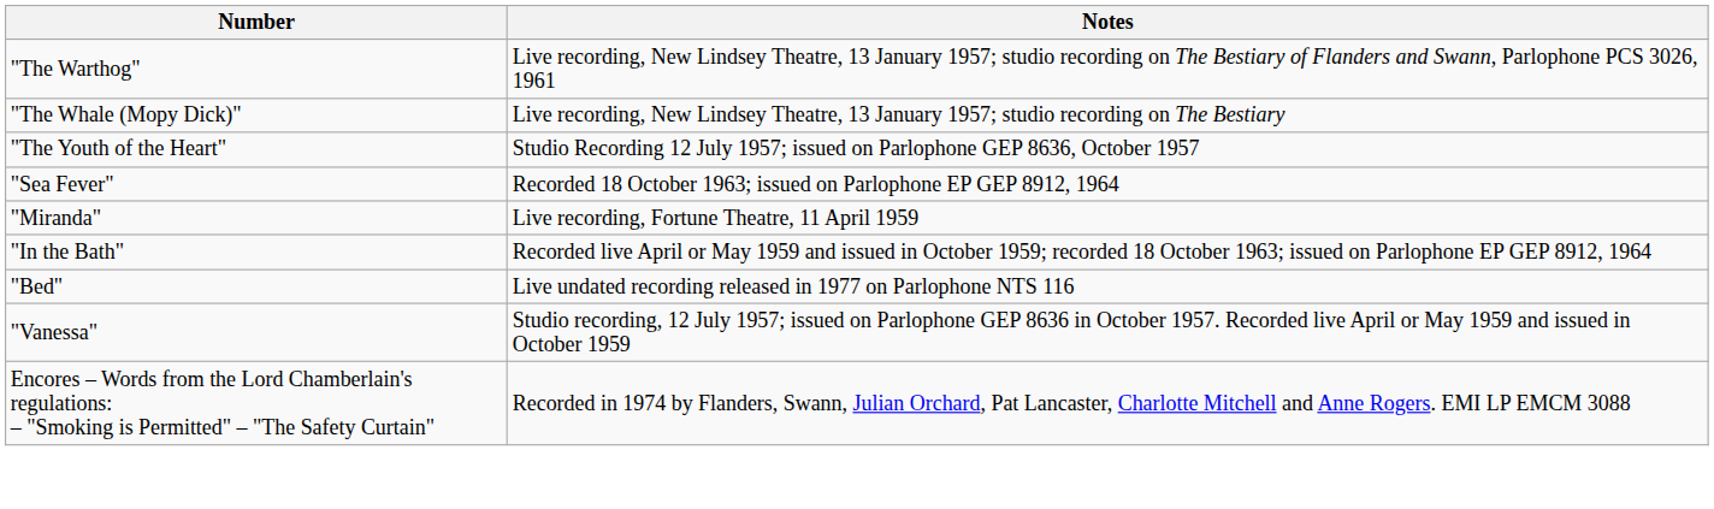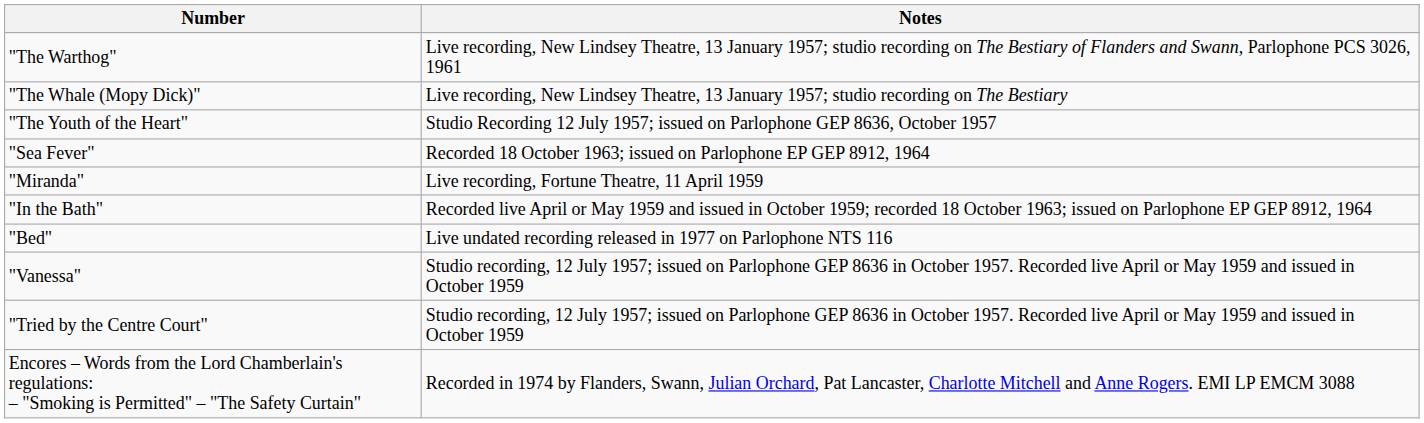 <table class="wikitable plainrowheaders" style="text-align: left; margin-right: 0;">
 <tr>
 <th scope="col">Number</th>
 <th scope="col">Notes</th>
 </tr>
 <tr>
 <td>"The Warthog"</td>
 <td>Live recording, New Lindsey Theatre, 13 January 1957; studio recording on <em>The Bestiary of Flanders and Swann</em>, Parlophone PCS 3026, 1961</td>
 </tr>
 <tr>
 <td>"The Whale (Mopy Dick)"</td>
 <td>Live recording, New Lindsey Theatre, 13 January 1957; studio recording on <em>The Bestiary</em></td>
 </tr>
 <tr>
 <td>"The Youth of the Heart"</td>
 <td>Studio Recording 12 July 1957; issued on Parlophone GEP 8636, October 1957</td>
 </tr>
 <tr>
 <td>"Sea Fever"</td>
 <td>Recorded 18 October 1963; issued on Parlophone EP GEP 8912, 1964</td>
 </tr>
 <tr>
 <td>"Miranda"</td>
 <td>Live recording, Fortune Theatre, 11 April 1959</td>
 </tr>
 <tr>
 <td>"In the Bath"</td>
 <td>Recorded live April or May 1959 and issued in October 1959; recorded 18 October 1963; issued on Parlophone EP GEP 8912, 1964</td>
 </tr>
 <tr>
 <td>"Bed"</td>
 <td>Live undated recording released in 1977 on Parlophone NTS 116</td>
 </tr>
 <tr>
 <td>"Vanessa"</td>
 <td>Studio recording, 12 July 1957; issued on Parlophone GEP 8636 in October 1957.  Recorded live April or May 1959 and issued in October 1959</td>
 </tr>
 <tr>
+<td>"Tried by the Centre Court"</td>
+<td>Studio recording, 12 July 1957; issued on Parlophone GEP 8636 in October 1957.  Recorded live April or May 1959 and issued in October 1959</td>
+</tr>
+<tr>
 <td>Encores – Words from the Lord Chamberlain's regulations:<br>– "Smoking is Permitted" – "The Safety Curtain"</td>
 <td>Recorded in 1974 by Flanders, Swann, <a href='#'>Julian Orchard</a>, Pat Lancaster, <a href='#'>Charlotte Mitchell</a> and <a href='#'>Anne Rogers</a>. EMI LP EMCM 3088</td>
 </tr>
 </table>
